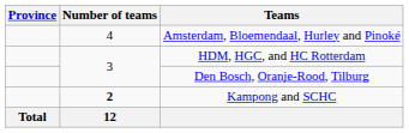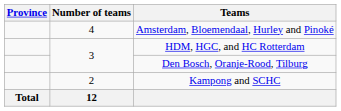 <table class="wikitable" style="text-align:center">
 <tr>
 <th><a href='#'>Province</a></th>
 <th>Number of teams</th>
 <th>Teams</th>
 </tr>
 <tr>
 <td align="left"></td>
 <td>4</td>
 <td><a href='#'>Amsterdam</a>, <a href='#'>Bloemendaal</a>, <a href='#'>Hurley</a> and <a href='#'>Pinoké</a></td>
 </tr>
 <tr>
 <td align="left"></td>
 <td rowspan=2>3</td>
 <td><a href='#'>HDM</a>, <a href='#'>HGC</a>, and <a href='#'>HC Rotterdam</a></td>
 </tr>
 <tr>
 <td align="left"></td>
 <td><a href='#'>Den Bosch</a>, <a href='#'>Oranje-Rood</a>, <a href='#'>Tilburg</a></td>
 </tr>
 <tr>
 <td align="left"></td>
-<td><strong>2</strong></td>
+<td>2</td>
 <td><a href='#'>Kampong</a> and <a href='#'>SCHC</a></td>
 </tr>
 <tr>
 <th>Total</th>
 <th>12</th>
 <th></th>
 </tr>
 </table>
